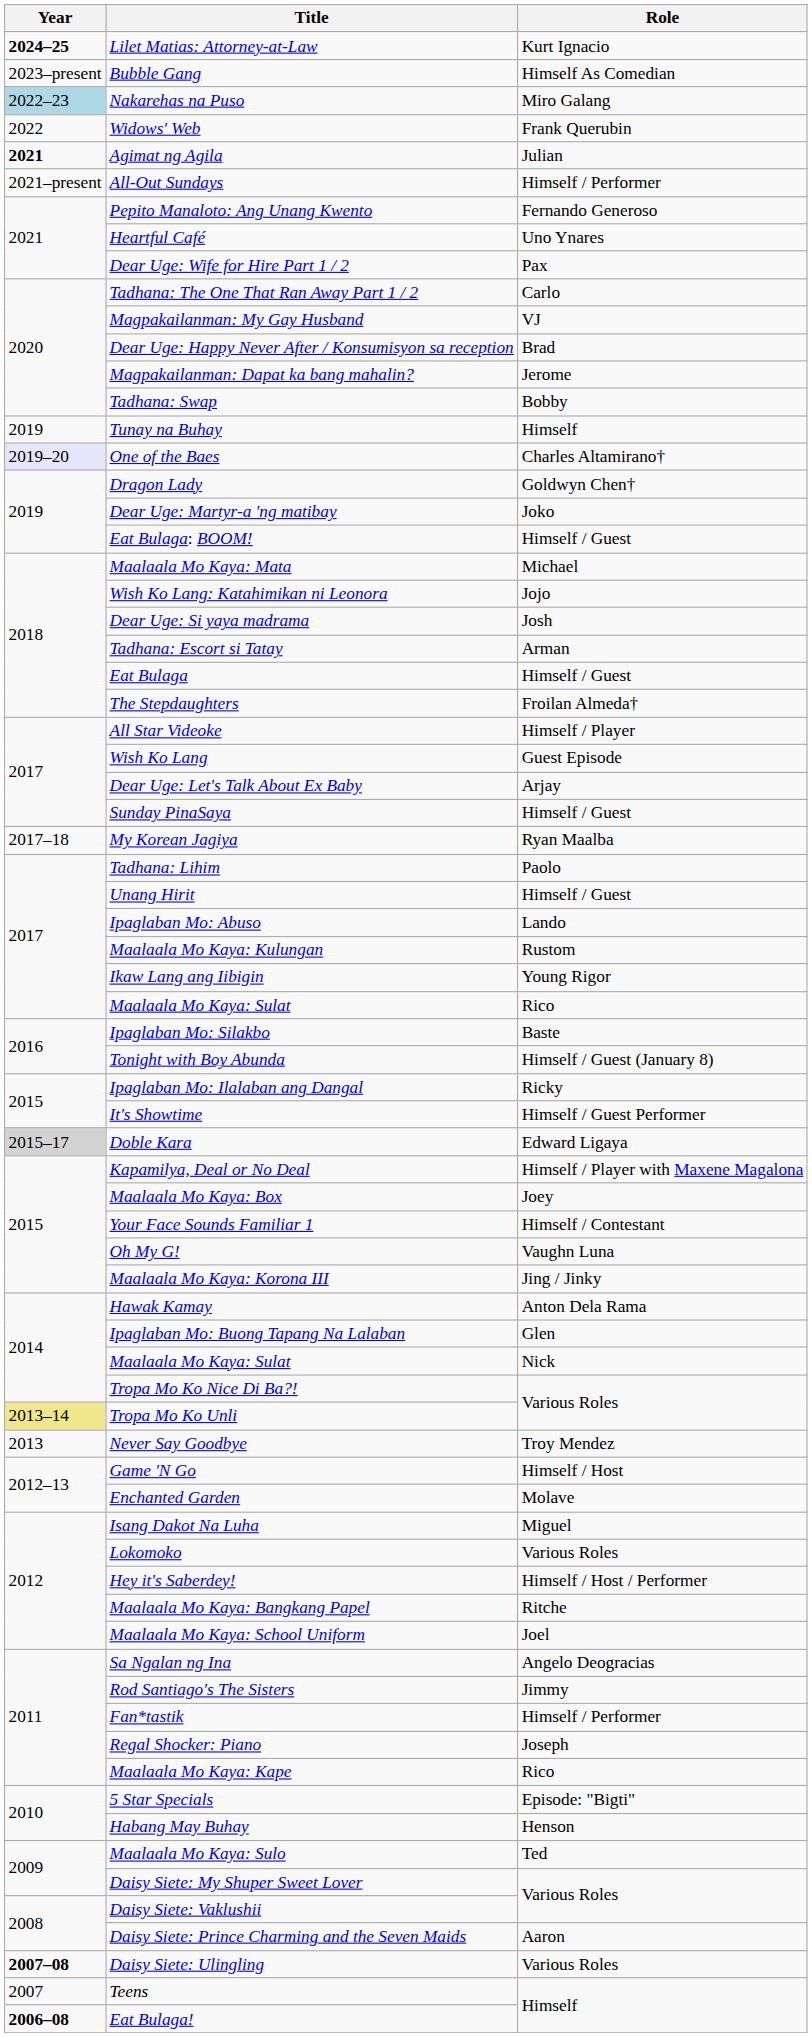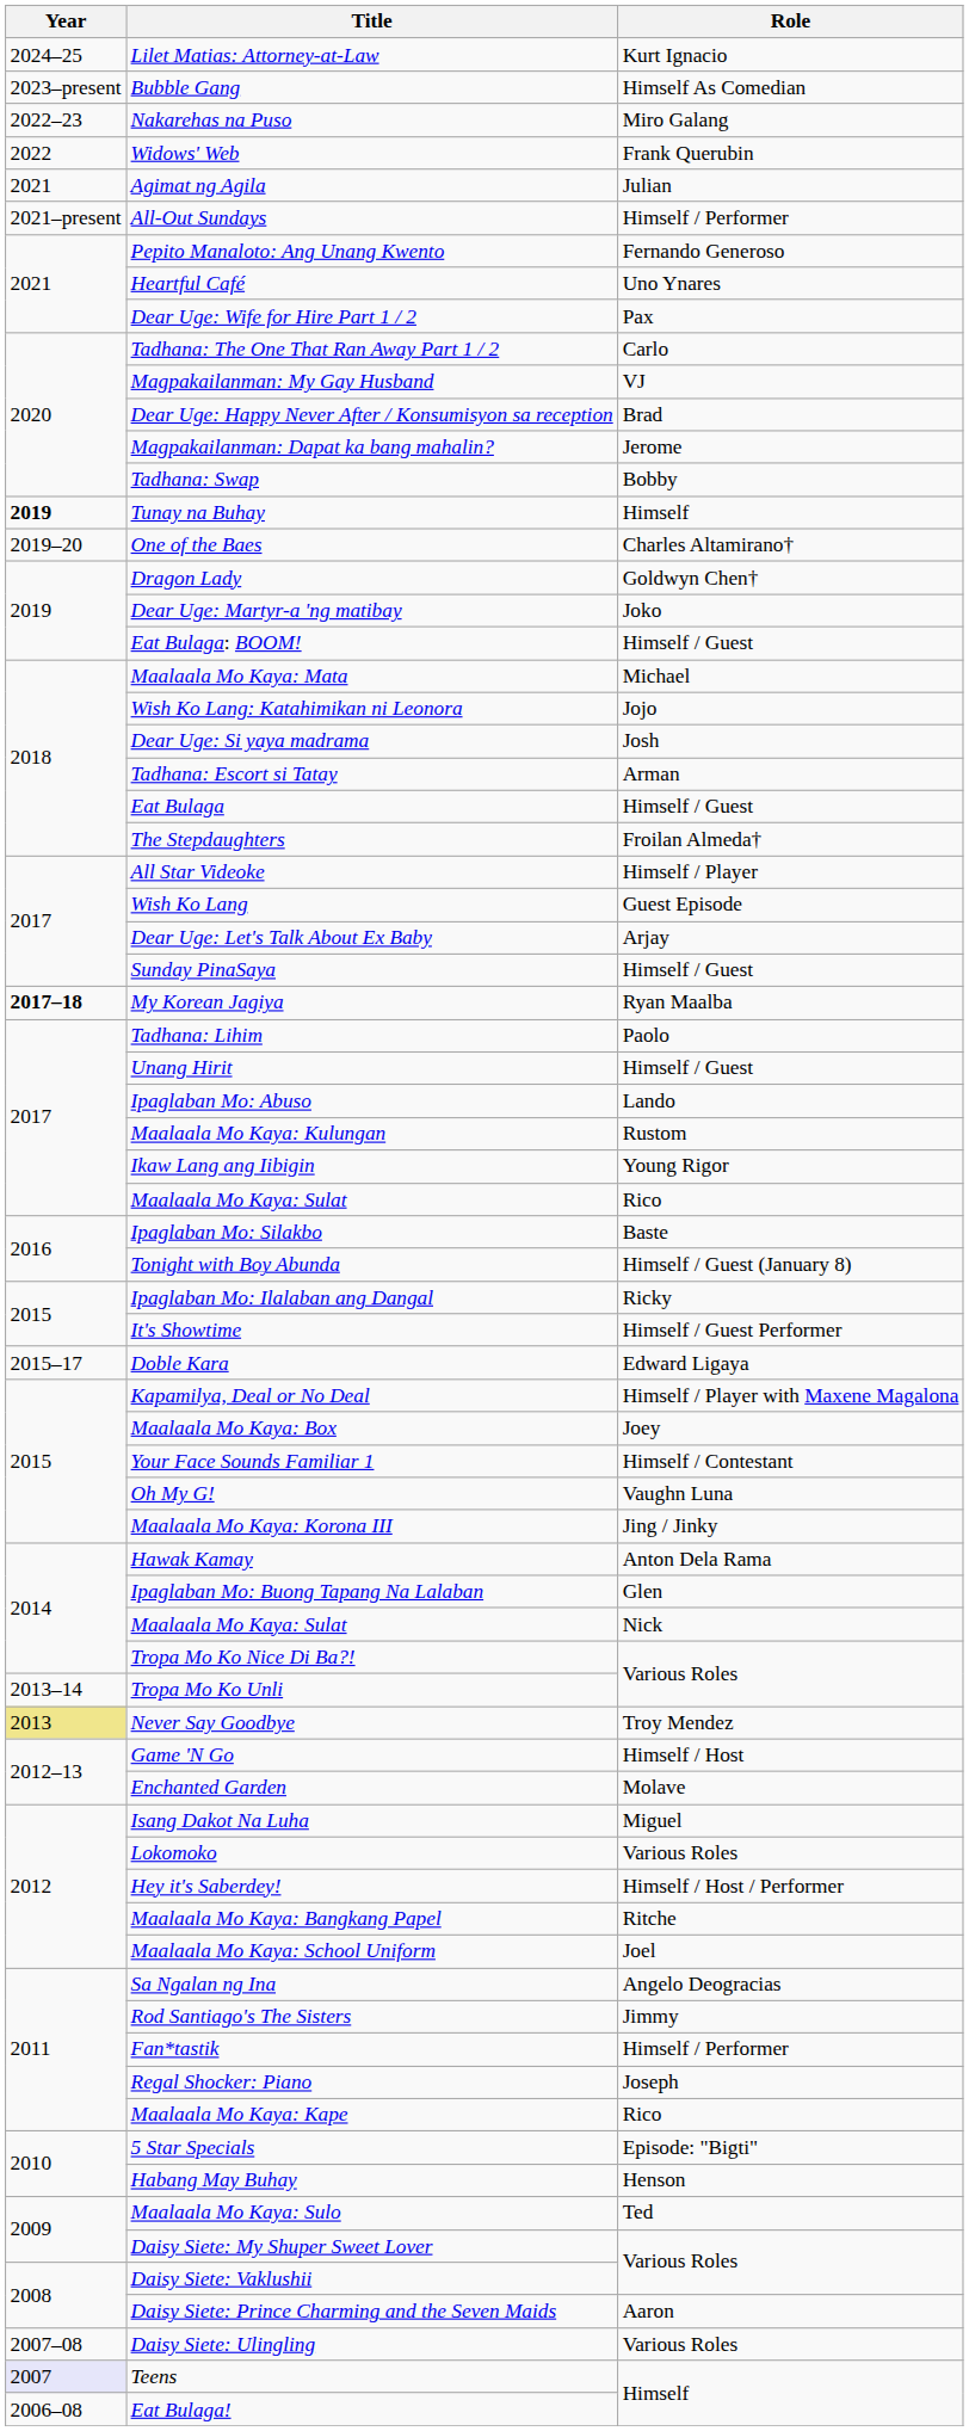 <table class="wikitable">
 <tr>
 <th>Year</th>
 <th>Title</th>
 <th>Role</th>
 </tr>
 <tr>
-<td><strong>2024–25</strong></td>
+<td>2024–25</td>
 <td><em><a href='#'>Lilet Matias: Attorney-at-Law</a></em></td>
 <td>Kurt Ignacio</td>
 </tr>
 <tr>
 <td>2023–present</td>
 <td><em><a href='#'>Bubble Gang</a></em></td>
 <td>Himself As Comedian</td>
 </tr>
 <tr>
-<td style="background: lightblue;">2022–23</td>
+<td>2022–23</td>
 <td><em><a href='#'>Nakarehas na Puso</a></em></td>
 <td>Miro Galang</td>
 </tr>
 <tr>
 <td>2022</td>
 <td><em><a href='#'>Widows' Web</a></em></td>
 <td>Frank Querubin</td>
 </tr>
 <tr>
-<td><strong>2021</strong></td>
+<td>2021</td>
 <td><em><a href='#'>Agimat ng Agila</a></em></td>
 <td>Julian</td>
 </tr>
 <tr>
 <td>2021–present</td>
 <td><em><a href='#'>All-Out Sundays</a></em></td>
 <td>Himself / Performer</td>
 </tr>
 <tr>
 <td rowspan="3">2021</td>
 <td><em><a href='#'>Pepito Manaloto: Ang Unang Kwento</a></em></td>
 <td>Fernando Generoso</td>
 </tr>
 <tr>
 <td><em><a href='#'>Heartful Café</a></em></td>
 <td>Uno Ynares</td>
 </tr>
 <tr>
 <td><em><a href='#'>Dear Uge: Wife for Hire Part 1 / 2</a></em></td>
 <td>Pax</td>
 </tr>
 <tr>
 <td rowspan="5">2020</td>
 <td><em><a href='#'>Tadhana: The One That Ran Away Part 1 / 2</a></em></td>
 <td>Carlo</td>
 </tr>
 <tr>
 <td><em><a href='#'>Magpakailanman: My Gay Husband</a></em></td>
 <td>VJ</td>
 </tr>
 <tr>
 <td><em><a href='#'>Dear Uge: Happy Never After / Konsumisyon sa reception</a></em></td>
 <td>Brad</td>
 </tr>
 <tr>
 <td><em><a href='#'>Magpakailanman: Dapat ka bang mahalin?</a></em></td>
 <td>Jerome</td>
 </tr>
 <tr>
 <td><em><a href='#'>Tadhana: Swap</a></em></td>
 <td>Bobby</td>
 </tr>
 <tr>
-<td>2019</td>
+<td><strong>2019</strong></td>
 <td><em><a href='#'>Tunay na Buhay</a></em></td>
 <td>Himself</td>
 </tr>
 <tr>
-<td style="background: lavender;">2019–20</td>
+<td>2019–20</td>
 <td><em><a href='#'>One of the Baes</a></em></td>
 <td>Charles Altamirano†</td>
 </tr>
 <tr>
 <td Rowspan="3">2019</td>
 <td><em><a href='#'>Dragon Lady</a></em></td>
 <td>Goldwyn Chen†</td>
 </tr>
 <tr>
 <td><em><a href='#'>Dear Uge: Martyr-a 'ng matibay</a></em></td>
 <td>Joko</td>
 </tr>
 <tr>
 <td><em><a href='#'>Eat Bulaga</a></em>: <em><a href='#'>BOOM!</a></em></td>
 <td>Himself / Guest</td>
 </tr>
 <tr>
 <td rowspan="6">2018</td>
 <td><em><a href='#'>Maalaala Mo Kaya: Mata</a></em></td>
 <td>Michael</td>
 </tr>
 <tr>
 <td><em><a href='#'>Wish Ko Lang: Katahimikan ni Leonora</a></em></td>
 <td>Jojo</td>
 </tr>
 <tr>
 <td><em><a href='#'>Dear Uge: Si yaya madrama</a></em></td>
 <td>Josh</td>
 </tr>
 <tr>
 <td><em><a href='#'>Tadhana: Escort si Tatay</a> </em></td>
 <td>Arman</td>
 </tr>
 <tr>
 <td><em><a href='#'>Eat Bulaga</a></em></td>
 <td>Himself / Guest</td>
 </tr>
 <tr>
 <td><em><a href='#'>The Stepdaughters</a></em></td>
 <td>Froilan Almeda†</td>
 </tr>
 <tr>
 <td rowspan="4">2017</td>
 <td><em><a href='#'>All Star Videoke</a></em></td>
 <td>Himself / Player</td>
 </tr>
 <tr>
 <td><em><a href='#'>Wish Ko Lang</a></em></td>
 <td>Guest Episode</td>
 </tr>
 <tr>
 <td><em><a href='#'>Dear Uge: Let's Talk About Ex Baby</a></em></td>
 <td>Arjay</td>
 </tr>
 <tr>
 <td><em><a href='#'>Sunday PinaSaya</a></em></td>
 <td>Himself / Guest</td>
 </tr>
 <tr>
-<td>2017–18</td>
+<td><strong>2017–18</strong></td>
 <td><em><a href='#'>My Korean Jagiya</a></em></td>
 <td>Ryan Maalba</td>
 </tr>
 <tr>
 <td rowspan="6">2017</td>
 <td><em><a href='#'>Tadhana: Lihim</a></em></td>
 <td>Paolo</td>
 </tr>
 <tr>
 <td><em><a href='#'>Unang Hirit</a></em></td>
 <td>Himself / Guest</td>
 </tr>
 <tr>
 <td><em><a href='#'>Ipaglaban Mo: Abuso</a></em></td>
 <td>Lando</td>
 </tr>
 <tr>
 <td><em><a href='#'>Maalaala Mo Kaya: Kulungan</a></em></td>
 <td>Rustom</td>
 </tr>
 <tr>
 <td><em><a href='#'>Ikaw Lang ang Iibigin</a></em></td>
 <td>Young Rigor</td>
 </tr>
 <tr>
 <td><em><a href='#'>Maalaala Mo Kaya: Sulat</a></em></td>
 <td>Rico</td>
 </tr>
 <tr>
 <td rowspan="2">2016</td>
 <td><em><a href='#'>Ipaglaban Mo: Silakbo</a></em></td>
 <td>Baste</td>
 </tr>
 <tr>
 <td><em><a href='#'>Tonight with Boy Abunda</a></em></td>
 <td>Himself / Guest (January 8)</td>
 </tr>
 <tr>
 <td rowspan="2">2015</td>
 <td><em><a href='#'>Ipaglaban Mo: Ilalaban ang Dangal</a></em></td>
 <td>Ricky</td>
 </tr>
 <tr>
 <td><em><a href='#'>It's Showtime</a></em></td>
 <td>Himself / Guest Performer</td>
 </tr>
 <tr>
-<td style="background: lightgrey;">2015–17</td>
+<td>2015–17</td>
 <td><em><a href='#'>Doble Kara</a></em></td>
 <td>Edward Ligaya</td>
 </tr>
 <tr>
 <td rowspan="5">2015</td>
 <td><em><a href='#'>Kapamilya, Deal or No Deal</a></em></td>
 <td>Himself / Player with <a href='#'>Maxene Magalona</a></td>
 </tr>
 <tr>
 <td><em><a href='#'>Maalaala Mo Kaya: Box</a></em></td>
 <td>Joey</td>
 </tr>
 <tr>
 <td><em><a href='#'>Your Face Sounds Familiar 1</a></em></td>
 <td>Himself / Contestant</td>
 </tr>
 <tr>
 <td><em><a href='#'>Oh My G!</a></em></td>
 <td>Vaughn Luna</td>
 </tr>
 <tr>
 <td><em><a href='#'>Maalaala Mo Kaya: Korona III</a></em></td>
 <td>Jing / Jinky</td>
 </tr>
 <tr>
 <td rowspan="4">2014</td>
 <td><em><a href='#'>Hawak Kamay</a></em></td>
 <td>Anton Dela Rama</td>
 </tr>
 <tr>
 <td><em><a href='#'>Ipaglaban Mo: Buong Tapang Na Lalaban</a></em></td>
 <td>Glen</td>
 </tr>
 <tr>
 <td><em><a href='#'>Maalaala Mo Kaya: Sulat</a></em></td>
 <td>Nick</td>
 </tr>
 <tr>
 <td><em><a href='#'>Tropa Mo Ko Nice Di Ba?!</a></em></td>
 <td Rowspan="2">Various Roles</td>
 </tr>
 <tr>
-<td style="background: khaki;">2013–14</td>
+<td>2013–14</td>
 <td><em><a href='#'>Tropa Mo Ko Unli</a></em></td>
 </tr>
 <tr>
-<td>2013</td>
+<td style="background: khaki;">2013</td>
 <td><em><a href='#'>Never Say Goodbye</a></em></td>
 <td>Troy Mendez</td>
 </tr>
 <tr>
 <td rowspan=2>2012–13</td>
 <td><em><a href='#'>Game 'N Go</a></em></td>
 <td>Himself / Host </td>
 </tr>
 <tr>
 <td><em><a href='#'>Enchanted Garden</a></em></td>
 <td>Molave</td>
 </tr>
 <tr>
 <td rowspan=5>2012</td>
 <td><em><a href='#'>Isang Dakot Na Luha</a></em></td>
 <td>Miguel</td>
 </tr>
 <tr>
 <td><em><a href='#'>Lokomoko</a></em></td>
 <td>Various Roles</td>
 </tr>
 <tr>
 <td><em><a href='#'>Hey it's Saberdey!</a></em></td>
 <td>Himself / Host / Performer</td>
 </tr>
 <tr>
 <td><em><a href='#'>Maalaala Mo Kaya: Bangkang Papel</a></em></td>
 <td>Ritche</td>
 </tr>
 <tr>
 <td><em><a href='#'>Maalaala Mo Kaya: School Uniform</a></em></td>
 <td>Joel</td>
 </tr>
 <tr>
 <td rowspan=5>2011</td>
 <td><em><a href='#'>Sa Ngalan ng Ina</a></em></td>
 <td>Angelo Deogracias</td>
 </tr>
 <tr>
 <td><em><a href='#'>Rod Santiago's The Sisters</a></em></td>
 <td>Jimmy</td>
 </tr>
 <tr>
 <td><em><a href='#'>Fan*tastik</a></em></td>
 <td>Himself / Performer</td>
 </tr>
 <tr>
 <td><em><a href='#'>Regal Shocker: Piano</a></em></td>
 <td>Joseph</td>
 </tr>
 <tr>
 <td><em><a href='#'>Maalaala Mo Kaya: Kape</a></em></td>
 <td>Rico</td>
 </tr>
 <tr>
 <td rowspan=2>2010</td>
 <td><em><a href='#'>5 Star Specials</a></em></td>
 <td>Episode: "Bigti"</td>
 </tr>
 <tr>
 <td><em><a href='#'>Habang May Buhay</a></em></td>
 <td>Henson</td>
 </tr>
 <tr>
 <td Rowspan="2">2009</td>
 <td><em><a href='#'>Maalaala Mo Kaya: Sulo</a></em></td>
 <td>Ted</td>
 </tr>
 <tr>
 <td><em><a href='#'>Daisy Siete: My Shuper Sweet Lover</a></em></td>
 <td Rowspan="2">Various Roles</td>
 </tr>
 <tr>
 <td Rowspan="2">2008</td>
 <td><em><a href='#'>Daisy Siete: Vaklushii</a></em></td>
 </tr>
 <tr>
 <td><em><a href='#'>Daisy Siete: Prince Charming and the Seven Maids</a></em></td>
 <td>Aaron</td>
 </tr>
 <tr>
-<td><strong>2007–08</strong></td>
+<td>2007–08</td>
 <td><em><a href='#'>Daisy Siete: Ulingling</a></em></td>
 <td>Various Roles</td>
 </tr>
 <tr>
-<td>2007</td>
+<td style="background: lavender;">2007</td>
 <td><em>Teens</em></td>
 <td Rowspan="2">Himself</td>
 </tr>
 <tr>
-<td><strong>2006–08</strong></td>
+<td>2006–08</td>
 <td><em><a href='#'>Eat Bulaga!</a></em></td>
 </tr>
 </table>
